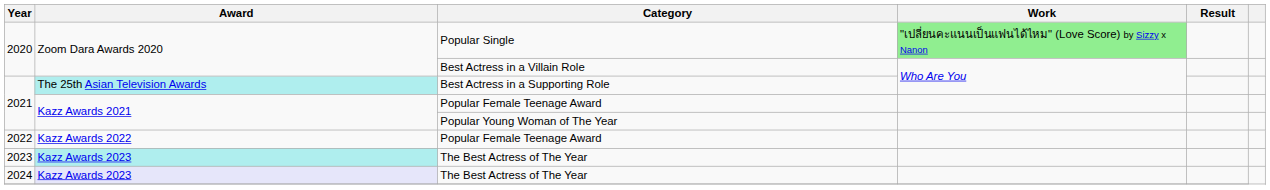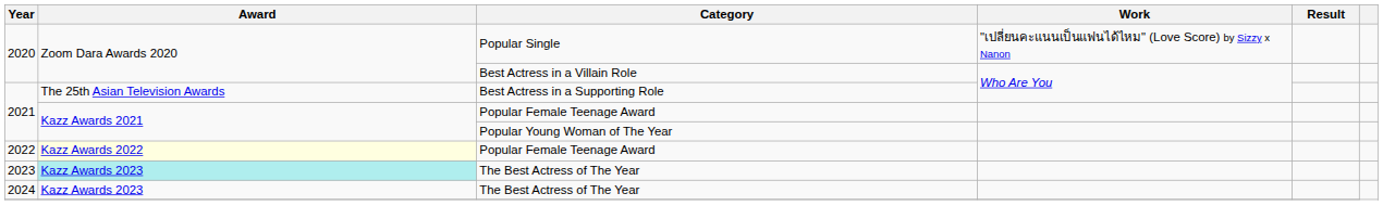 <table class="wikitable sortable mw-collapsible">
 <tr>
 <th scope="col" style="width:1em;">Year</th>
 <th scope="col" style="width:35em;">Award</th>
 <th scope="col" style="width:40em;">Category</th>
 <th scope="col" style="width:25em;">Work</th>
 <th scope="col" style="width:5em;">Result</th>
 <th scope="col" style="width:1em;" class="unsortable"></th>
 </tr>
 <tr>
 <td rowspan="2">2020</td>
 <td rowspan="2">Zoom Dara Awards 2020</td>
 <td>Popular Single</td>
-<td style="background: lightgreen;">"เปลี่ยนคะแนนเป็นแฟนได้ไหม" (Love Score) <small>by <a href='#'>Sizzy</a> x <a href='#'>Nanon</a></small></td>
+<td>"เปลี่ยนคะแนนเป็นแฟนได้ไหม" (Love Score) <small>by <a href='#'>Sizzy</a> x <a href='#'>Nanon</a></small></td>
 <td></td>
 <td style="text-align: center;"></td>
 </tr>
 <tr>
 <td>Best Actress in a Villain Role</td>
 <td rowspan="2"><em><a href='#'>Who Are You</a></em></td>
 <td></td>
 </tr>
 <tr>
 <td rowspan="3">2021</td>
-<td style="background: paleturquoise;">The 25th <a href='#'>Asian Television Awards</a></td>
+<td>The 25th <a href='#'>Asian Television Awards</a></td>
 <td>Best Actress in a Supporting Role</td>
 <td></td>
 <td style="text-align: center;"></td>
 </tr>
 <tr>
 <td rowspan="2"><a href='#'>Kazz Awards 2021</a></td>
 <td>Popular Female Teenage Award</td>
 <td></td>
 <td></td>
 </tr>
 <tr>
 <td>Popular Young Woman of The Year</td>
 <td></td>
 <td></td>
 <td></td>
 </tr>
 <tr>
 <td>2022</td>
-<td><a href='#'>Kazz Awards 2022</a></td>
+<td style="background: lightyellow;"><a href='#'>Kazz Awards 2022</a></td>
 <td>Popular Female Teenage Award</td>
 <td></td>
 <td></td>
 <td style="text-align: center;"></td>
 </tr>
 <tr>
 <td>2023</td>
 <td style="background: paleturquoise;"><a href='#'>Kazz Awards 2023</a></td>
 <td>The Best Actress of The Year</td>
 <td></td>
 <td></td>
 <td></td>
 </tr>
 <tr>
 <td>2024</td>
-<td style="background: lavender;"><a href='#'>Kazz Awards 2023</a></td>
+<td><a href='#'>Kazz Awards 2023</a></td>
 <td>The Best Actress of The Year</td>
 <td></td>
 <td></td>
 </tr>
 <tr>
 </tr>
 </table>
